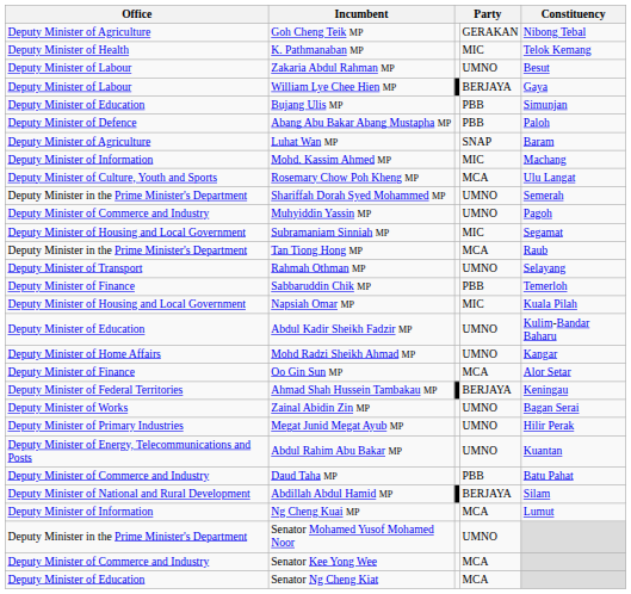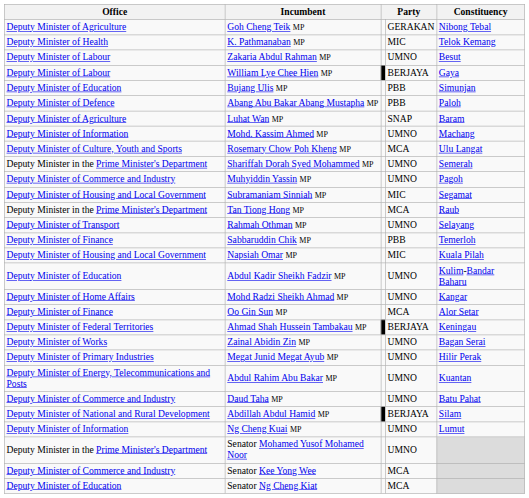 <table class="sortable wikitable">
 <tr>
 <th>Office</th>
 <th>Incumbent</th>
 <th colspan=2>Party</th>
 <th>Constituency</th>
 </tr>
 <tr>
 <td><a href='#'>Deputy Minister of Agriculture</a></td>
 <td><a href='#'>Goh Cheng Teik</a> <small>MP</small></td>
 <td rowspan=1></td>
 <td>GERAKAN</td>
 <td><a href='#'>Nibong Tebal</a></td>
 </tr>
 <tr>
 <td><a href='#'>Deputy Minister of Health</a></td>
 <td><a href='#'>K. Pathmanaban</a> <small>MP</small></td>
 <td rowspan=1></td>
 <td>MIC</td>
 <td><a href='#'>Telok Kemang</a></td>
 </tr>
 <tr>
 <td><a href='#'>Deputy Minister of Labour</a></td>
 <td><a href='#'>Zakaria Abdul Rahman</a> <small>MP</small></td>
 <td rowspan=1></td>
 <td>UMNO</td>
 <td><a href='#'>Besut</a></td>
 </tr>
 <tr>
 <td><a href='#'>Deputy Minister of Labour</a></td>
 <td><a href='#'>William Lye Chee Hien</a> <small>MP</small></td>
 <td rowspan=1 bgcolor=black></td>
 <td>BERJAYA</td>
 <td><a href='#'>Gaya</a></td>
 </tr>
 <tr>
 <td><a href='#'>Deputy Minister of Education</a></td>
 <td><a href='#'>Bujang Ulis</a> <small>MP</small></td>
 <td rowspan=1></td>
 <td>PBB</td>
 <td><a href='#'>Simunjan</a></td>
 </tr>
 <tr>
 <td><a href='#'>Deputy Minister of Defence</a></td>
 <td><a href='#'>Abang Abu Bakar Abang Mustapha</a> <small>MP</small></td>
 <td rowspan=1></td>
 <td>PBB</td>
 <td><a href='#'>Paloh</a></td>
 </tr>
 <tr>
 <td><a href='#'>Deputy Minister of Agriculture</a></td>
 <td><a href='#'>Luhat Wan</a> <small>MP</small></td>
 <td rowspan=1></td>
 <td>SNAP</td>
 <td><a href='#'>Baram</a></td>
 </tr>
 <tr>
 <td><a href='#'>Deputy Minister of Information</a></td>
 <td><a href='#'>Mohd. Kassim Ahmed</a> <small>MP</small></td>
 <td rowspan=1></td>
-<td>MIC</td>
+<td>UMNO</td>
 <td><a href='#'>Machang</a></td>
 </tr>
 <tr>
 <td><a href='#'>Deputy Minister of Culture, Youth and Sports</a></td>
 <td><a href='#'>Rosemary Chow Poh Kheng</a> <small>MP</small></td>
 <td rowspan=1></td>
 <td>MCA</td>
 <td><a href='#'>Ulu Langat</a></td>
 </tr>
 <tr>
 <td>Deputy Minister in the <a href='#'>Prime Minister's Department</a></td>
 <td><a href='#'>Shariffah Dorah Syed Mohammed</a> <small>MP</small></td>
 <td rowspan=1></td>
 <td>UMNO</td>
 <td><a href='#'>Semerah</a></td>
 </tr>
 <tr>
 <td><a href='#'>Deputy Minister of Commerce and Industry</a></td>
 <td><a href='#'>Muhyiddin Yassin</a> <small>MP</small></td>
 <td rowspan=1></td>
 <td>UMNO</td>
 <td><a href='#'>Pagoh</a></td>
 </tr>
 <tr>
 <td><a href='#'>Deputy Minister of Housing and Local Government</a></td>
 <td><a href='#'>Subramaniam Sinniah</a> <small>MP</small></td>
 <td rowspan=1></td>
 <td>MIC</td>
 <td><a href='#'>Segamat</a></td>
 </tr>
 <tr>
 <td>Deputy Minister in the <a href='#'>Prime Minister's Department</a></td>
 <td><a href='#'>Tan Tiong Hong</a> <small>MP</small></td>
 <td rowspan=1></td>
 <td>MCA</td>
 <td><a href='#'>Raub</a></td>
 </tr>
 <tr>
 <td><a href='#'>Deputy Minister of Transport</a></td>
 <td><a href='#'>Rahmah Othman</a> <small>MP</small></td>
 <td rowspan=1></td>
 <td>UMNO</td>
 <td><a href='#'>Selayang</a></td>
 </tr>
 <tr>
 <td><a href='#'>Deputy Minister of Finance</a></td>
 <td><a href='#'>Sabbaruddin Chik</a> <small>MP</small></td>
 <td rowspan=1></td>
 <td>PBB</td>
 <td><a href='#'>Temerloh</a></td>
 </tr>
 <tr>
 <td><a href='#'>Deputy Minister of Housing and Local Government</a></td>
 <td><a href='#'>Napsiah Omar</a> <small>MP</small></td>
 <td rowspan=1></td>
 <td>MIC</td>
 <td><a href='#'>Kuala Pilah</a></td>
 </tr>
 <tr>
 <td><a href='#'>Deputy Minister of Education</a></td>
 <td><a href='#'>Abdul Kadir Sheikh Fadzir</a> <small>MP</small></td>
 <td rowspan=1></td>
 <td>UMNO</td>
 <td><a href='#'>Kulim</a>-<a href='#'>Bandar Baharu</a></td>
 </tr>
 <tr>
 <td><a href='#'>Deputy Minister of Home Affairs</a></td>
 <td><a href='#'>Mohd Radzi Sheikh Ahmad</a> <small>MP</small></td>
 <td rowspan=1></td>
 <td>UMNO</td>
 <td><a href='#'>Kangar</a></td>
 </tr>
 <tr>
 <td><a href='#'>Deputy Minister of Finance</a></td>
 <td><a href='#'>Oo Gin Sun</a> <small>MP</small></td>
 <td rowspan=1></td>
 <td>MCA</td>
 <td><a href='#'>Alor Setar</a></td>
 </tr>
 <tr>
 <td><a href='#'>Deputy Minister of Federal Territories</a></td>
 <td><a href='#'>Ahmad Shah Hussein Tambakau</a> <small>MP</small></td>
 <td rowspan=1 bgcolor=black></td>
 <td>BERJAYA</td>
 <td><a href='#'>Keningau</a></td>
 </tr>
 <tr>
 <td><a href='#'>Deputy Minister of Works</a></td>
 <td><a href='#'>Zainal Abidin Zin</a> <small>MP</small></td>
 <td rowspan=1></td>
 <td>UMNO</td>
 <td><a href='#'>Bagan Serai</a></td>
 </tr>
 <tr>
 <td><a href='#'>Deputy Minister of Primary Industries</a></td>
 <td><a href='#'>Megat Junid Megat Ayub</a> <small>MP</small></td>
 <td rowspan=1></td>
 <td>UMNO</td>
 <td><a href='#'>Hilir Perak</a></td>
 </tr>
 <tr>
 <td><a href='#'>Deputy Minister of Energy, Telecommunications and Posts</a></td>
 <td><a href='#'>Abdul Rahim Abu Bakar</a> <small>MP</small></td>
 <td rowspan=1></td>
 <td>UMNO</td>
 <td><a href='#'>Kuantan</a></td>
 </tr>
 <tr>
 <td><a href='#'>Deputy Minister of Commerce and Industry</a></td>
 <td><a href='#'>Daud Taha</a> <small>MP</small></td>
 <td rowspan=1></td>
-<td>PBB</td>
+<td>UMNO</td>
 <td><a href='#'>Batu Pahat</a></td>
 </tr>
 <tr>
 <td><a href='#'>Deputy Minister of National and Rural Development</a></td>
 <td><a href='#'>Abdillah Abdul Hamid</a> <small>MP</small></td>
 <td rowspan=1 bgcolor=black></td>
 <td>BERJAYA</td>
 <td><a href='#'>Silam</a></td>
 </tr>
 <tr>
 <td><a href='#'>Deputy Minister of Information</a></td>
 <td><a href='#'>Ng Cheng Kuai</a> <small>MP</small></td>
 <td rowspan=1></td>
-<td>MCA</td>
+<td>UMNO</td>
 <td><a href='#'>Lumut</a></td>
 </tr>
 <tr>
 <td>Deputy Minister in the <a href='#'>Prime Minister's Department</a></td>
 <td>Senator <a href='#'>Mohamed Yusof Mohamed Noor</a></td>
 <td rowspan=1></td>
 <td>UMNO</td>
 <td bgcolor=dcdcdc></td>
 </tr>
 <tr>
 <td><a href='#'>Deputy Minister of Commerce and Industry</a></td>
 <td>Senator <a href='#'>Kee Yong Wee</a></td>
 <td rowspan=1></td>
 <td>MCA</td>
 <td bgcolor=dcdcdc></td>
 </tr>
 <tr>
 <td><a href='#'>Deputy Minister of Education</a></td>
 <td>Senator <a href='#'>Ng Cheng Kiat</a></td>
 <td rowspan=1></td>
 <td>MCA</td>
 <td bgcolor=dcdcdc></td>
 </tr>
 </table>
